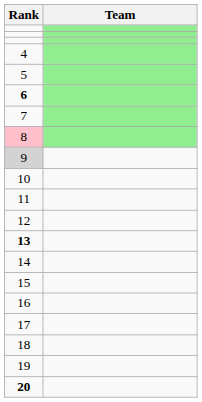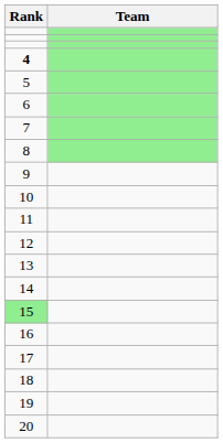 <table class="wikitable" style="text-align: center;">
 <tr>
 <th width=40>Rank</th>
 <th width=180>Team</th>
 </tr>
 <tr>
 <td></td>
 <td bgcolor=lightgreen align=left></td>
 </tr>
 <tr>
 <td></td>
 <td bgcolor=lightgreen align=left></td>
 </tr>
 <tr>
 <td></td>
 <td bgcolor=lightgreen align=left></td>
 </tr>
 <tr>
-<td>4</td>
+<td><strong>4</strong></td>
 <td bgcolor=lightgreen align=left></td>
 </tr>
 <tr>
 <td>5</td>
 <td bgcolor=lightgreen align=left></td>
 </tr>
 <tr>
-<td><strong>6</strong></td>
+<td>6</td>
 <td bgcolor=lightgreen align=left></td>
 </tr>
 <tr>
 <td>7</td>
 <td bgcolor=lightgreen align=left></td>
 </tr>
 <tr>
-<td style="background: pink;">8</td>
+<td>8</td>
 <td bgcolor=lightgreen align=left></td>
 </tr>
 <tr>
-<td style="background: lightgrey;">9</td>
+<td>9</td>
 <td align=left></td>
 </tr>
 <tr>
 <td>10</td>
 <td align=left></td>
 </tr>
 <tr>
 <td>11</td>
 <td align=left></td>
 </tr>
 <tr>
 <td>12</td>
 <td align=left></td>
 </tr>
 <tr>
-<td><strong>13</strong></td>
+<td>13</td>
 <td align=left></td>
 </tr>
 <tr>
 <td>14</td>
 <td align=left></td>
 </tr>
 <tr>
-<td>15</td>
+<td style="background: lightgreen;">15</td>
 <td align=left></td>
 </tr>
 <tr>
 <td>16</td>
 <td align=left></td>
 </tr>
 <tr>
 <td>17</td>
 <td align=left></td>
 </tr>
 <tr>
 <td>18</td>
 <td align=left></td>
 </tr>
 <tr>
 <td>19</td>
 <td align=left></td>
 </tr>
 <tr>
-<td><strong>20</strong></td>
+<td>20</td>
 <td align=left></td>
 </tr>
 </table>
